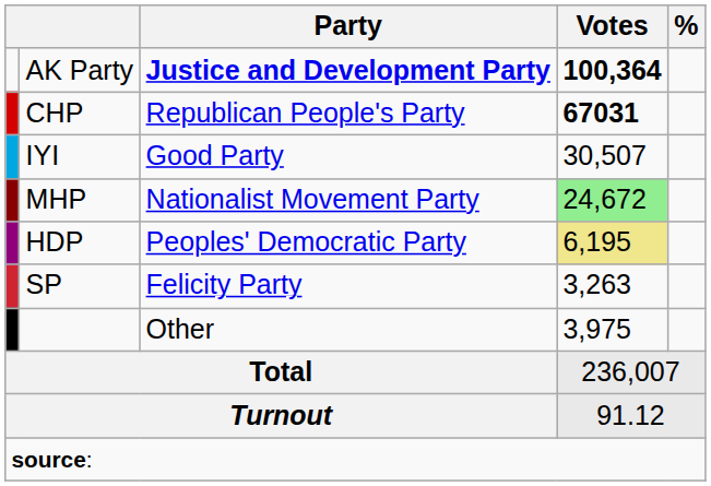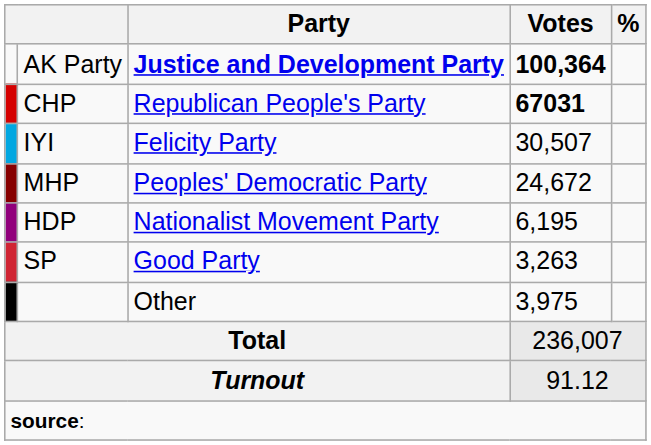 <table class="wikitable">
 <tr>
 <th colspan="2" align="center"></th>
 <th align="center">Party</th>
 <th align="center">Votes</th>
 <th align="center">%</th>
 </tr>
 <tr align="left">
 <td></td>
 <td>AK Party</td>
 <td><strong><a href='#'>Justice and Development Party</a></strong></td>
 <td><strong>100,364</strong></td>
 <td><strong></strong></td>
 </tr>
 <tr align="left">
 <td bgcolor="#d50000" width="1"></td>
 <td>CHP</td>
 <td><a href='#'>Republican People's Party</a></td>
 <td><strong>67031</strong></td>
 <td></td>
 </tr>
 <tr align="left">
 <td bgcolor="#01A7E1" width="1"></td>
 <td>IYI</td>
-<td><a href='#'>Good Party</a></td>
+<td><a href='#'>Felicity Party</a></td>
 <td>30,507</td>
 <td></td>
 </tr>
 <tr align="left">
 <td bgcolor="#870000" width="1"></td>
 <td>MHP</td>
-<td><a href='#'>Nationalist Movement Party</a></td>
-<td style="background: lightgreen;">24,672</td>
+<td><a href='#'>Peoples' Democratic Party</a></td>
+<td>24,672</td>
 <td></td>
 </tr>
 <tr align="left">
 <td bgcolor="#91007B" width="1"></td>
 <td>HDP</td>
-<td><a href='#'>Peoples' Democratic Party</a></td>
-<td style="background: khaki;">6,195</td>
+<td><a href='#'>Nationalist Movement Party</a></td>
+<td>6,195</td>
 <td></td>
 </tr>
 <tr align="left">
 <td bgcolor="#D02433" width="1"></td>
 <td>SP</td>
-<td><a href='#'>Felicity Party</a></td>
+<td><a href='#'>Good Party</a></td>
 <td>3,263</td>
 <td></td>
 </tr>
 <tr align="left">
 <td bgcolor=" " width="1"></td>
 <td></td>
 <td>Other</td>
 <td>3,975</td>
 <td></td>
 </tr>
 <tr align="left" style="background-color:#E9E9E9">
 <th colspan="3" align="center"><strong>Total</strong></th>
 <td colspan="5" align="center">236,007</td>
 </tr>
 <tr align="left" style="background-color:#E9E9E9">
 <th colspan="3" align="center"><em>Turnout</em></th>
 <td colspan="5" align="center">91.12</td>
 </tr>
 <tr>
 <td colspan="9" align="left"><small><strong>source</strong>: </small></td>
 </tr>
 </table>
